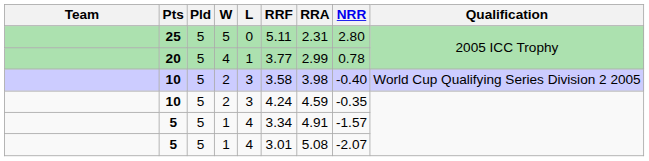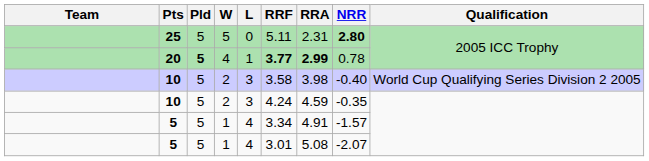 <table class="wikitable" style="text-align:center">
 <tr>
 <th width=175>Team</th>
 <th width=20  abbr="Points">Pts</th>
 <th width=20  abbr="Played">Pld</th>
 <th width=20  abbr="Won">W</th>
 <th width=20  abbr="Lost">L</th>
 <th width=35  abbr="Run Rate For">RRF</th>
 <th width=35  abbr="Run Rate Against">RRA</th>
 <th width=35  abbr="Net Run Rate"><a href='#'>NRR</a></th>
 <th>Qualification</th>
 </tr>
 <tr bgcolor=ACE1AF>
 <td style="text-align:left;'"><strong></strong></td>
 <td><strong>25</strong></td>
 <td>5</td>
 <td>5</td>
 <td>0</td>
 <td>5.11</td>
 <td>2.31</td>
-<td>2.80</td>
+<td><strong>2.80</strong></td>
 <td rowspan=2>2005 ICC Trophy</td>
 </tr>
 <tr bgcolor=ACE1AF>
 <td style="text-align:left;"><strong></strong></td>
 <td><strong>20</strong></td>
-<td>5</td>
+<td><strong>5</strong></td>
 <td>4</td>
 <td>1</td>
-<td>3.77</td>
-<td>2.99</td>
+<td><strong>3.77</strong></td>
+<td><strong>2.99</strong></td>
 <td>0.78</td>
 </tr>
 <tr bgcolor=CCCCFF>
 <td style="text-align:left;"></td>
 <td><strong>10</strong></td>
 <td>5</td>
 <td>2</td>
 <td>3</td>
 <td>3.58</td>
 <td>3.98</td>
 <td>-0.40</td>
 <td>World Cup Qualifying Series Division 2 2005</td>
 </tr>
 <tr>
 <td style="text-align:left;"></td>
 <td><strong>10</strong></td>
 <td>5</td>
 <td>2</td>
 <td>3</td>
 <td>4.24</td>
 <td>4.59</td>
 <td>-0.35</td>
 <td rowspan=3></td>
 </tr>
 <tr>
 <td style="text-align:left;"></td>
 <td><strong>5</strong></td>
 <td>5</td>
 <td>1</td>
 <td>4</td>
 <td>3.34</td>
 <td>4.91</td>
 <td>-1.57</td>
 </tr>
 <tr>
 <td style="text-align:left;"></td>
 <td><strong>5</strong></td>
 <td>5</td>
 <td>1</td>
 <td>4</td>
 <td>3.01</td>
 <td>5.08</td>
 <td>-2.07</td>
 </tr>
 </table>
